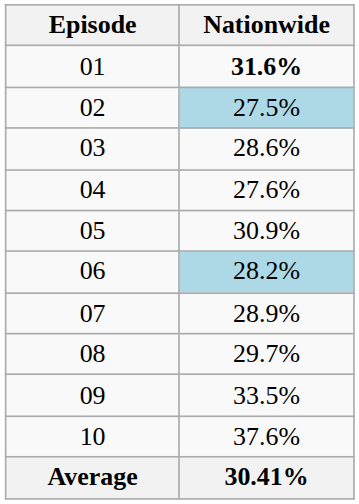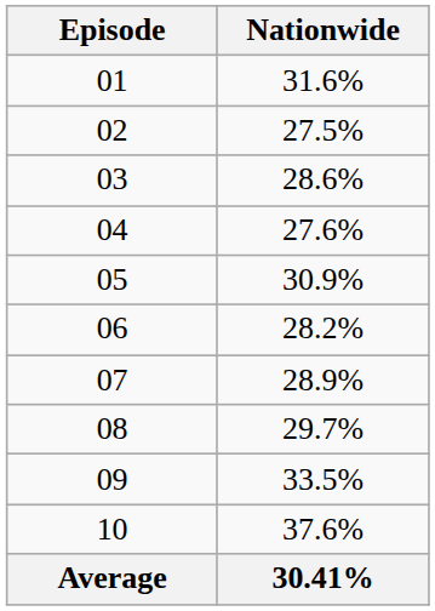 <table class="wikitable" style="clear:both; margin-left:2em; margin-right:2em;">
 <tr>
 <th width=100>Episode</th>
 <th width=100>Nationwide</th>
 </tr>
 <tr align="center">
 <td>01</td>
-<td><strong>31.6%</strong></td>
+<td>31.6%</td>
 </tr>
 <tr align="center">
 <td>02</td>
-<td style="background: lightblue;"><span>27.5%</span></td>
+<td><span>27.5%</span></td>
 </tr>
 <tr align="center">
 <td>03</td>
 <td>28.6%</td>
 </tr>
 <tr align="center">
 <td>04</td>
 <td>27.6%</td>
 </tr>
 <tr align="center">
 <td>05</td>
 <td>30.9%</td>
 </tr>
 <tr align="center">
 <td>06</td>
-<td style="background: lightblue;">28.2%</td>
+<td>28.2%</td>
 </tr>
 <tr align="center">
 <td>07</td>
 <td>28.9%</td>
 </tr>
 <tr align="center">
 <td>08</td>
 <td>29.7%</td>
 </tr>
 <tr align="center">
 <td>09</td>
 <td>33.5%</td>
 </tr>
 <tr align="center">
 <td>10</td>
 <td><span>37.6%</span></td>
 </tr>
 <tr align="center">
 <th>Average</th>
 <th>30.41%</th>
 </tr>
 </table>
